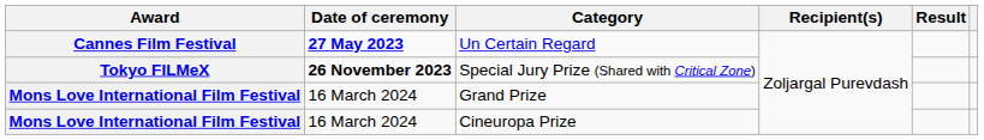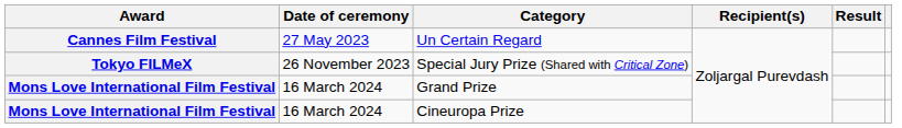 <table class="wikitable sortable plainrowheaders">
 <tr>
 <th scope="col">Award</th>
 <th scope="col">Date of ceremony</th>
 <th scope="col">Category</th>
 <th scope="col">Recipient(s)</th>
 <th scope="col">Result</th>
 <th scope="col" class="unsortable"></th>
 </tr>
 <tr>
 <th scope="row"><a href='#'>Cannes Film Festival</a></th>
-<td><strong><a href='#'>27 May 2023</a></strong></td>
+<td><a href='#'>27 May 2023</a></td>
 <td><a href='#'>Un Certain Regard</a></td>
 <td rowspan="4">Zoljargal Purevdash</td>
 <td></td>
 <td align="center"></td>
 </tr>
 <tr>
 <th scope="row"><a href='#'>Tokyo FILMeX</a></th>
-<td><strong>26 November 2023</strong></td>
+<td>26 November 2023</td>
 <td>Special Jury Prize <small>(Shared with <em><a href='#'>Critical Zone</a></em>)</small></td>
 <td></td>
 <td align="center"></td>
 </tr>
 <tr>
 <th scope="row"><a href='#'>Mons Love International Film Festival</a></th>
 <td>16 March 2024</td>
 <td>Grand Prize</td>
 <td></td>
 <td align="center"></td>
 </tr>
 <tr>
 <th scope="row"><a href='#'>Mons Love International Film Festival</a></th>
 <td>16 March 2024</td>
 <td>Cineuropa Prize</td>
 <td></td>
 <td align="center"></td>
 </tr>
 </table>
